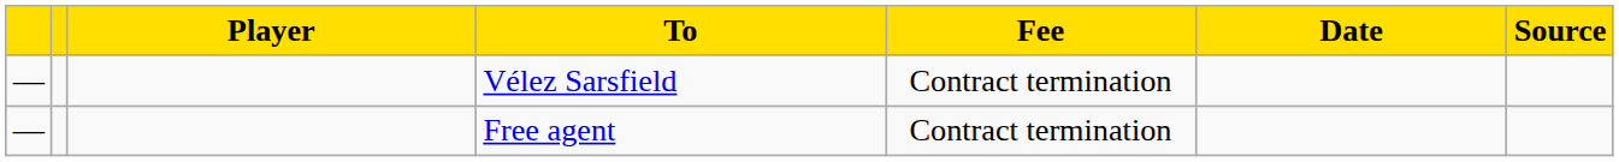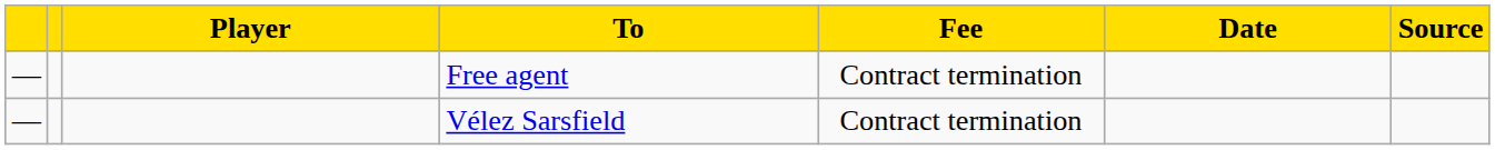 <table class="wikitable sortable">
 <tr>
 <th style="background:#FFDE00"></th>
 <th style="background:#FFDE00"></th>
 <th width=200 style="background:#FFDE00">Player</th>
 <th width=200 style="background:#FFDE00">To</th>
 <th width=150 style="background:#FFDE00">Fee</th>
 <th width=150 style="background:#FFDE00">Date</th>
 <th style="background:#FFDE00">Source</th>
 </tr>
 <tr>
 <td align=center>—</td>
 <td align=center></td>
 <td></td>
-<td> <a href='#'>Vélez Sarsfield</a></td>
+<td><a href='#'>Free agent</a></td>
 <td align=center>Contract termination</td>
 <td align=center></td>
 <td align=center></td>
 </tr>
 <tr>
 <td align=center>—</td>
 <td align=center></td>
 <td></td>
-<td><a href='#'>Free agent</a></td>
+<td> <a href='#'>Vélez Sarsfield</a></td>
 <td align=center>Contract termination</td>
 <td align=center></td>
 <td align=center></td>
 </tr>
 </table>
